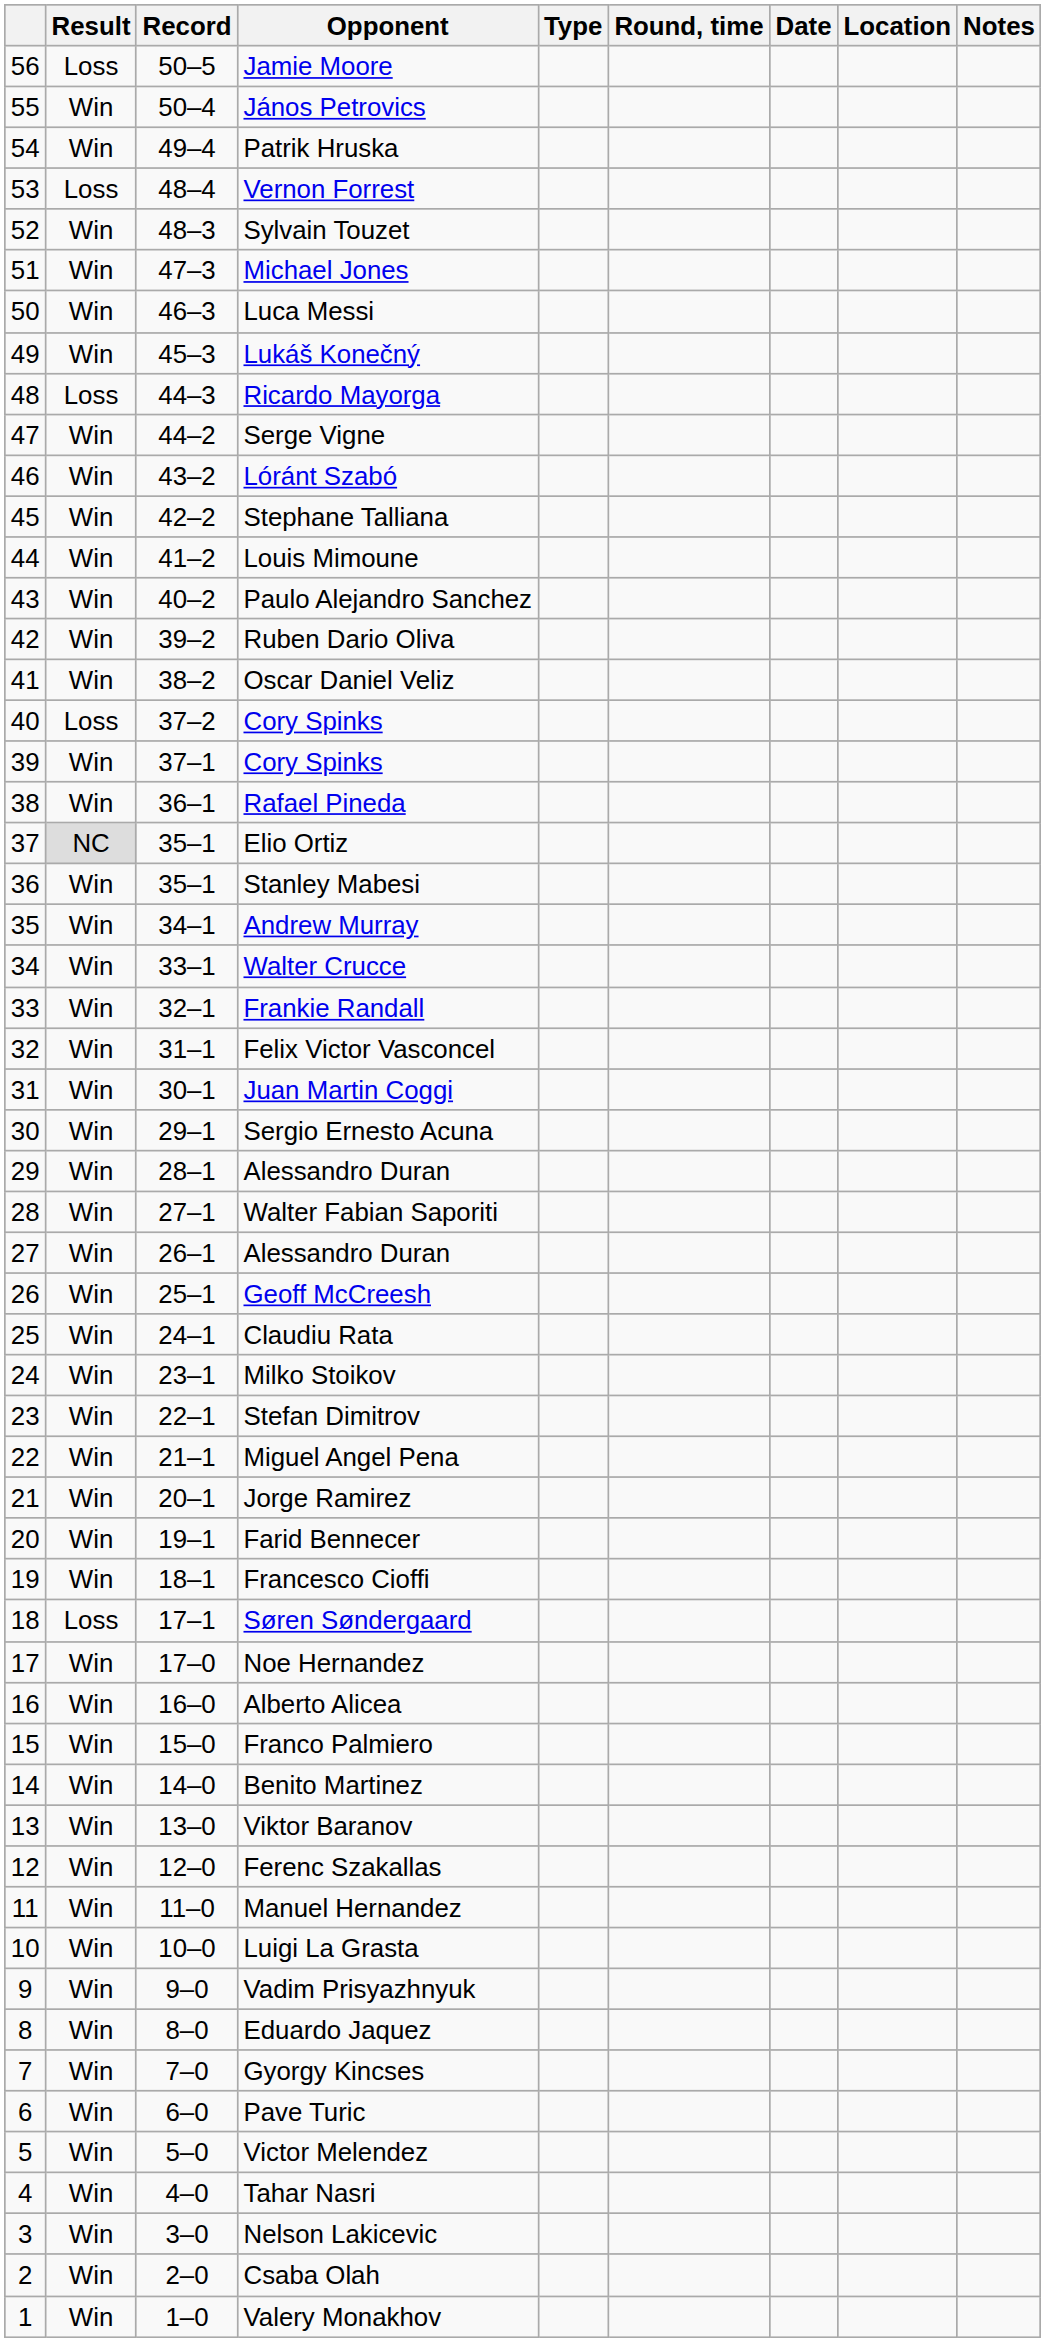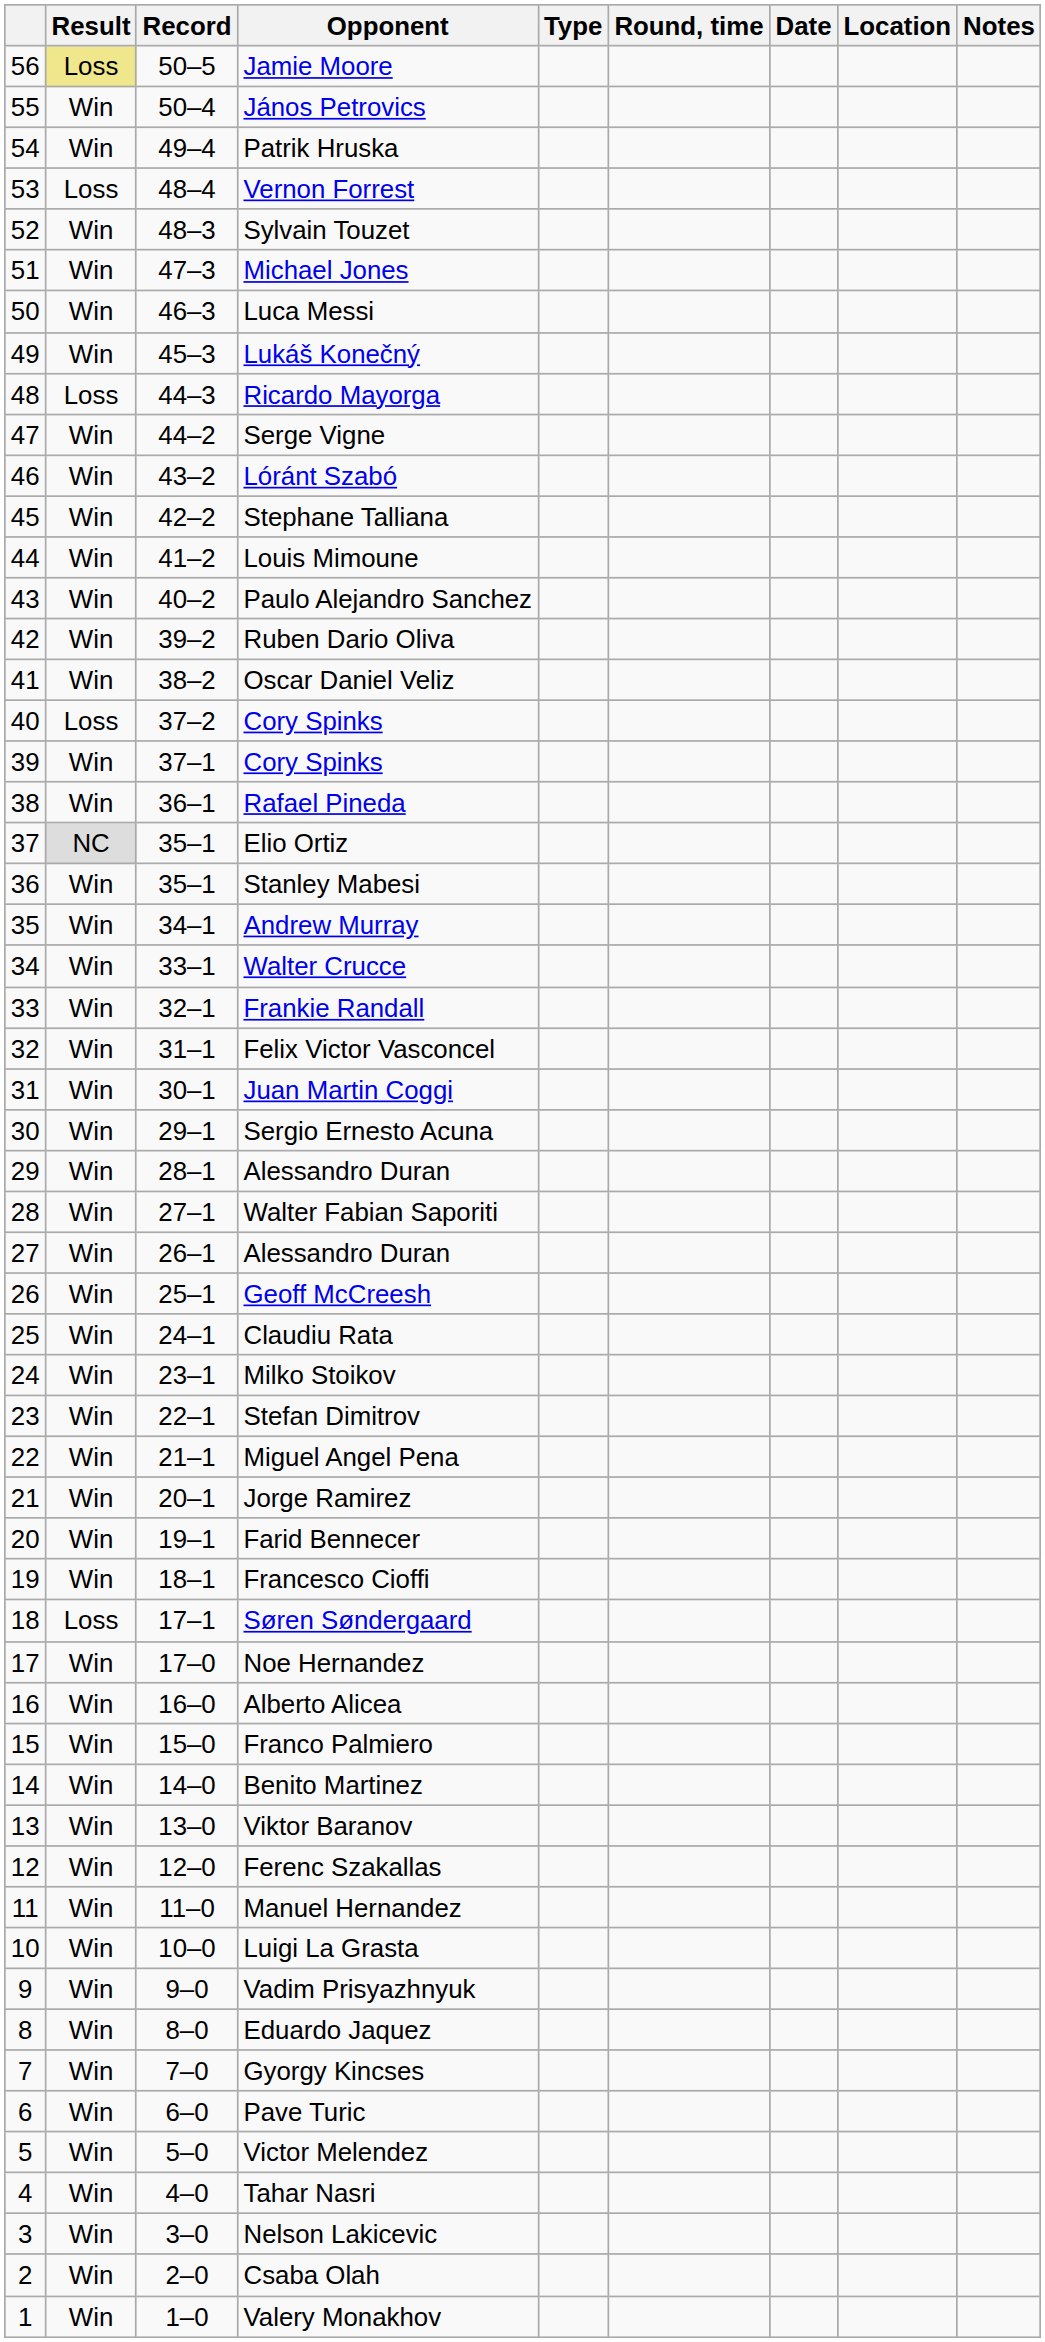 <table class="wikitable" style="text-align:center; font-size:95%">
 <tr>
 <th></th>
 <th>Result</th>
 <th>Record</th>
 <th>Opponent</th>
 <th>Type</th>
 <th>Round, time</th>
 <th>Date</th>
 <th>Location</th>
 <th>Notes</th>
 </tr>
 <tr>
 <td>56</td>
-<td>Loss</td>
+<td style="background: khaki;">Loss</td>
 <td>50–5 </td>
 <td align=left><a href='#'>Jamie Moore</a></td>
 <td></td>
 <td></td>
 <td></td>
 <td align=left></td>
 <td align=left></td>
 </tr>
 <tr>
 <td>55</td>
 <td>Win</td>
 <td>50–4 </td>
 <td align=left><a href='#'>János Petrovics</a></td>
 <td></td>
 <td></td>
 <td></td>
 <td align=left></td>
 <td align=left></td>
 </tr>
 <tr>
 <td>54</td>
 <td>Win</td>
 <td>49–4 </td>
 <td align=left>Patrik Hruska</td>
 <td></td>
 <td></td>
 <td></td>
 <td align=left></td>
 <td align=left></td>
 </tr>
 <tr>
 <td>53</td>
 <td>Loss</td>
 <td>48–4 </td>
 <td align=left><a href='#'>Vernon Forrest</a></td>
 <td></td>
 <td></td>
 <td></td>
 <td align=left></td>
 <td align=left></td>
 </tr>
 <tr>
 <td>52</td>
 <td>Win</td>
 <td>48–3 </td>
 <td align=left>Sylvain Touzet</td>
 <td></td>
 <td></td>
 <td></td>
 <td align=left></td>
 <td align=left></td>
 </tr>
 <tr>
 <td>51</td>
 <td>Win</td>
 <td>47–3 </td>
 <td align=left><a href='#'>Michael Jones</a></td>
 <td></td>
 <td></td>
 <td></td>
 <td align=left></td>
 <td align=left></td>
 </tr>
 <tr>
 <td>50</td>
 <td>Win</td>
 <td>46–3 </td>
 <td align=left>Luca Messi</td>
 <td></td>
 <td></td>
 <td></td>
 <td align=left></td>
 <td align=left></td>
 </tr>
 <tr>
 <td>49</td>
 <td>Win</td>
 <td>45–3 </td>
 <td align=left><a href='#'>Lukáš Konečný</a></td>
 <td></td>
 <td></td>
 <td></td>
 <td align=left></td>
 <td align=left></td>
 </tr>
 <tr>
 <td>48</td>
 <td>Loss</td>
 <td>44–3 </td>
 <td align=left><a href='#'>Ricardo Mayorga</a></td>
 <td></td>
 <td></td>
 <td></td>
 <td align=left></td>
 <td align=left></td>
 </tr>
 <tr>
 <td>47</td>
 <td>Win</td>
 <td>44–2 </td>
 <td align=left>Serge Vigne</td>
 <td></td>
 <td></td>
 <td></td>
 <td align=left></td>
 <td align=left></td>
 </tr>
 <tr>
 <td>46</td>
 <td>Win</td>
 <td>43–2 </td>
 <td align=left><a href='#'>Lóránt Szabó</a></td>
 <td></td>
 <td></td>
 <td></td>
 <td align=left></td>
 <td align=left></td>
 </tr>
 <tr>
 <td>45</td>
 <td>Win</td>
 <td>42–2 </td>
 <td align=left>Stephane Talliana</td>
 <td></td>
 <td></td>
 <td></td>
 <td align=left></td>
 <td align=left></td>
 </tr>
 <tr>
 <td>44</td>
 <td>Win</td>
 <td>41–2 </td>
 <td align=left>Louis Mimoune</td>
 <td></td>
 <td></td>
 <td></td>
 <td align=left></td>
 <td align=left></td>
 </tr>
 <tr>
 <td>43</td>
 <td>Win</td>
 <td>40–2 </td>
 <td align=left>Paulo Alejandro Sanchez</td>
 <td></td>
 <td></td>
 <td></td>
 <td align=left></td>
 <td align=left></td>
 </tr>
 <tr>
 <td>42</td>
 <td>Win</td>
 <td>39–2 </td>
 <td align=left>Ruben Dario Oliva</td>
 <td></td>
 <td></td>
 <td></td>
 <td align=left></td>
 <td align=left></td>
 </tr>
 <tr>
 <td>41</td>
 <td>Win</td>
 <td>38–2 </td>
 <td align=left>Oscar Daniel Veliz</td>
 <td></td>
 <td></td>
 <td></td>
 <td align=left></td>
 <td align=left></td>
 </tr>
 <tr>
 <td>40</td>
 <td>Loss</td>
 <td>37–2 </td>
 <td align=left><a href='#'>Cory Spinks</a></td>
 <td></td>
 <td></td>
 <td></td>
 <td align=left></td>
 <td align=left></td>
 </tr>
 <tr>
 <td>39</td>
 <td>Win</td>
 <td>37–1 </td>
 <td align=left><a href='#'>Cory Spinks</a></td>
 <td></td>
 <td></td>
 <td></td>
 <td align=left></td>
 <td align=left></td>
 </tr>
 <tr>
 <td>38</td>
 <td>Win</td>
 <td>36–1 </td>
 <td align=left><a href='#'>Rafael Pineda</a></td>
 <td></td>
 <td></td>
 <td></td>
 <td align=left></td>
 <td align=left></td>
 </tr>
 <tr>
 <td>37</td>
 <td style="background:#DDD">NC</td>
 <td>35–1 </td>
 <td align=left>Elio Ortiz</td>
 <td></td>
 <td></td>
 <td></td>
 <td align=left></td>
 <td align=left></td>
 </tr>
 <tr>
 <td>36</td>
 <td>Win</td>
 <td>35–1</td>
 <td align=left>Stanley Mabesi</td>
 <td></td>
 <td></td>
 <td></td>
 <td align=left></td>
 <td align=left></td>
 </tr>
 <tr>
 <td>35</td>
 <td>Win</td>
 <td>34–1</td>
 <td align=left><a href='#'>Andrew Murray</a></td>
 <td></td>
 <td></td>
 <td></td>
 <td align=left></td>
 <td align=left></td>
 </tr>
 <tr>
 <td>34</td>
 <td>Win</td>
 <td>33–1</td>
 <td align=left><a href='#'>Walter Crucce</a></td>
 <td></td>
 <td></td>
 <td></td>
 <td align=left></td>
 <td align=left></td>
 </tr>
 <tr>
 <td>33</td>
 <td>Win</td>
 <td>32–1</td>
 <td align=left><a href='#'>Frankie Randall</a></td>
 <td></td>
 <td></td>
 <td></td>
 <td align=left></td>
 <td align=left></td>
 </tr>
 <tr>
 <td>32</td>
 <td>Win</td>
 <td>31–1</td>
 <td align=left>Felix Victor Vasconcel</td>
 <td></td>
 <td></td>
 <td></td>
 <td align=left></td>
 <td align=left></td>
 </tr>
 <tr>
 <td>31</td>
 <td>Win</td>
 <td>30–1</td>
 <td align=left><a href='#'>Juan Martin Coggi</a></td>
 <td></td>
 <td></td>
 <td></td>
 <td align=left></td>
 <td align=left></td>
 </tr>
 <tr>
 <td>30</td>
 <td>Win</td>
 <td>29–1</td>
 <td align=left>Sergio Ernesto Acuna</td>
 <td></td>
 <td></td>
 <td></td>
 <td align=left></td>
 <td align=left></td>
 </tr>
 <tr>
 <td>29</td>
 <td>Win</td>
 <td>28–1</td>
 <td align=left>Alessandro Duran</td>
 <td></td>
 <td></td>
 <td></td>
 <td align=left></td>
 <td align=left></td>
 </tr>
 <tr>
 <td>28</td>
 <td>Win</td>
 <td>27–1</td>
 <td align=left>Walter Fabian Saporiti</td>
 <td></td>
 <td></td>
 <td></td>
 <td align=left></td>
 <td align=left></td>
 </tr>
 <tr>
 <td>27</td>
 <td>Win</td>
 <td>26–1</td>
 <td align=left>Alessandro Duran</td>
 <td></td>
 <td></td>
 <td></td>
 <td align=left></td>
 <td align=left></td>
 </tr>
 <tr>
 <td>26</td>
 <td>Win</td>
 <td>25–1</td>
 <td align=left><a href='#'>Geoff McCreesh</a></td>
 <td></td>
 <td></td>
 <td></td>
 <td align=left></td>
 <td align=left></td>
 </tr>
 <tr>
 <td>25</td>
 <td>Win</td>
 <td>24–1</td>
 <td align=left>Claudiu Rata</td>
 <td></td>
 <td></td>
 <td></td>
 <td align=left></td>
 <td align=left></td>
 </tr>
 <tr>
 <td>24</td>
 <td>Win</td>
 <td>23–1</td>
 <td align=left>Milko Stoikov</td>
 <td></td>
 <td></td>
 <td></td>
 <td align=left></td>
 <td align=left></td>
 </tr>
 <tr>
 <td>23</td>
 <td>Win</td>
 <td>22–1</td>
 <td align=left>Stefan Dimitrov</td>
 <td></td>
 <td></td>
 <td></td>
 <td align=left></td>
 <td align=left></td>
 </tr>
 <tr>
 <td>22</td>
 <td>Win</td>
 <td>21–1</td>
 <td align=left>Miguel Angel Pena</td>
 <td></td>
 <td></td>
 <td></td>
 <td align=left></td>
 <td align=left></td>
 </tr>
 <tr>
 <td>21</td>
 <td>Win</td>
 <td>20–1</td>
 <td align=left>Jorge Ramirez</td>
 <td></td>
 <td></td>
 <td></td>
 <td align=left></td>
 <td align=left></td>
 </tr>
 <tr>
 <td>20</td>
 <td>Win</td>
 <td>19–1</td>
 <td align=left>Farid Bennecer</td>
 <td></td>
 <td></td>
 <td></td>
 <td align=left></td>
 <td align=left></td>
 </tr>
 <tr>
 <td>19</td>
 <td>Win</td>
 <td>18–1</td>
 <td align=left>Francesco Cioffi</td>
 <td></td>
 <td></td>
 <td></td>
 <td align=left></td>
 <td align=left></td>
 </tr>
 <tr>
 <td>18</td>
 <td>Loss</td>
 <td>17–1</td>
 <td align=left><a href='#'>Søren Søndergaard</a></td>
 <td></td>
 <td></td>
 <td></td>
 <td align=left></td>
 <td align=left></td>
 </tr>
 <tr>
 <td>17</td>
 <td>Win</td>
 <td>17–0</td>
 <td align=left>Noe Hernandez</td>
 <td></td>
 <td></td>
 <td></td>
 <td align=left></td>
 <td align=left></td>
 </tr>
 <tr>
 <td>16</td>
 <td>Win</td>
 <td>16–0</td>
 <td align=left>Alberto Alicea</td>
 <td></td>
 <td></td>
 <td></td>
 <td align=left></td>
 <td align=left></td>
 </tr>
 <tr>
 <td>15</td>
 <td>Win</td>
 <td>15–0</td>
 <td align=left>Franco Palmiero</td>
 <td></td>
 <td></td>
 <td></td>
 <td align=left></td>
 <td align=left></td>
 </tr>
 <tr>
 <td>14</td>
 <td>Win</td>
 <td>14–0</td>
 <td align=left>Benito Martinez</td>
 <td></td>
 <td></td>
 <td></td>
 <td align=left></td>
 <td align=left></td>
 </tr>
 <tr>
 <td>13</td>
 <td>Win</td>
 <td>13–0</td>
 <td align=left>Viktor Baranov</td>
 <td></td>
 <td></td>
 <td></td>
 <td align=left></td>
 <td align=left></td>
 </tr>
 <tr>
 <td>12</td>
 <td>Win</td>
 <td>12–0</td>
 <td align=left>Ferenc Szakallas</td>
 <td></td>
 <td></td>
 <td></td>
 <td align=left></td>
 <td align=left></td>
 </tr>
 <tr>
 <td>11</td>
 <td>Win</td>
 <td>11–0</td>
 <td align=left>Manuel Hernandez</td>
 <td></td>
 <td></td>
 <td></td>
 <td align=left></td>
 <td align=left></td>
 </tr>
 <tr>
 <td>10</td>
 <td>Win</td>
 <td>10–0</td>
 <td align=left>Luigi La Grasta</td>
 <td></td>
 <td></td>
 <td></td>
 <td align=left></td>
 <td align=left></td>
 </tr>
 <tr>
 <td>9</td>
 <td>Win</td>
 <td>9–0</td>
 <td align=left>Vadim Prisyazhnyuk</td>
 <td></td>
 <td></td>
 <td></td>
 <td align=left></td>
 <td align=left></td>
 </tr>
 <tr>
 <td>8</td>
 <td>Win</td>
 <td>8–0</td>
 <td align=left>Eduardo Jaquez</td>
 <td></td>
 <td></td>
 <td></td>
 <td align=left></td>
 <td align=left></td>
 </tr>
 <tr>
 <td>7</td>
 <td>Win</td>
 <td>7–0</td>
 <td align=left>Gyorgy Kincses</td>
 <td></td>
 <td></td>
 <td></td>
 <td align=left></td>
 <td align=left></td>
 </tr>
 <tr>
 <td>6</td>
 <td>Win</td>
 <td>6–0</td>
 <td align=left>Pave Turic</td>
 <td></td>
 <td></td>
 <td></td>
 <td align=left></td>
 <td align=left></td>
 </tr>
 <tr>
 <td>5</td>
 <td>Win</td>
 <td>5–0</td>
 <td align=left>Victor Melendez</td>
 <td></td>
 <td></td>
 <td></td>
 <td align=left></td>
 <td align=left></td>
 </tr>
 <tr>
 <td>4</td>
 <td>Win</td>
 <td>4–0</td>
 <td align=left>Tahar Nasri</td>
 <td></td>
 <td></td>
 <td></td>
 <td align=left></td>
 <td align=left></td>
 </tr>
 <tr>
 <td>3</td>
 <td>Win</td>
 <td>3–0</td>
 <td align=left>Nelson Lakicevic</td>
 <td></td>
 <td></td>
 <td></td>
 <td align=left></td>
 <td align=left></td>
 </tr>
 <tr>
 <td>2</td>
 <td>Win</td>
 <td>2–0</td>
 <td align=left>Csaba Olah</td>
 <td></td>
 <td></td>
 <td></td>
 <td align=left></td>
 <td align=left></td>
 </tr>
 <tr>
 <td>1</td>
 <td>Win</td>
 <td>1–0</td>
 <td align=left>Valery Monakhov</td>
 <td></td>
 <td></td>
 <td></td>
 <td align=left></td>
 <td align=left></td>
 </tr>
 </table>
